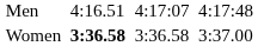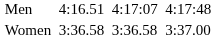 <table>
 <tr>
 <td>Men<br></td>
 <td></td>
 <td>4:16.51</td>
 <td></td>
 <td>4:17:07</td>
 <td></td>
 <td>4:17:48</td>
 </tr>
 <tr>
 <td>Women<br></td>
 <td></td>
-<td><strong>3:36.58</strong></td>
+<td>3:36.58</td>
 <td></td>
 <td>3:36.58</td>
 <td></td>
 <td>3:37.00</td>
 </tr>
 </table>
